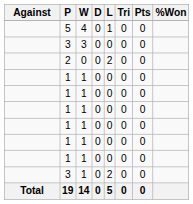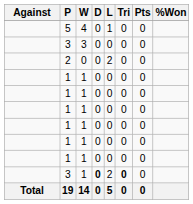 <table class="wikitable sortable"  style="text-align:center; font-size:100%">
 <tr>
 <th style="width:30%;">Against</th>
 <th abbr="Played" style="width:15px;">P</th>
 <th abbr="Won" style="width:10px;">W</th>
 <th abbr="Drawn" style="width:10px;">D</th>
 <th abbr="Lost" style="width:10px;">L</th>
 <th abbr="Tries" style="width:15px;">Tri</th>
 <th abbr="Points" style="width:18px;">Pts</th>
 <th abbr="Won" style="width:18px;">%Won</th>
 </tr>
 <tr bgcolor="#d0ffd0" align="center">
 </tr>
 <tr>
 <td align="left"></td>
 <td>5</td>
 <td>4</td>
 <td>0</td>
 <td>1</td>
 <td>0</td>
 <td>0</td>
 <td></td>
 </tr>
 <tr>
 <td align="left"></td>
 <td>3</td>
 <td>3</td>
 <td>0</td>
 <td>0</td>
 <td>0</td>
 <td>0</td>
 <td></td>
 </tr>
 <tr>
 <td align="left"></td>
 <td>2</td>
 <td>0</td>
 <td>0</td>
 <td>2</td>
 <td>0</td>
 <td>0</td>
 <td></td>
 </tr>
 <tr>
 <td align="left"></td>
 <td>1</td>
 <td>1</td>
 <td>0</td>
 <td>0</td>
 <td>0</td>
 <td>0</td>
 <td></td>
 </tr>
 <tr>
 <td align="left"></td>
 <td>1</td>
 <td>1</td>
 <td>0</td>
 <td>0</td>
 <td>0</td>
 <td>0</td>
 <td></td>
 </tr>
 <tr>
 <td align="left"></td>
 <td>1</td>
 <td>1</td>
 <td>0</td>
 <td>0</td>
 <td>0</td>
 <td>0</td>
 <td></td>
 </tr>
 <tr>
 <td align="left"></td>
 <td>1</td>
 <td>1</td>
 <td>0</td>
 <td>0</td>
 <td>0</td>
 <td>0</td>
 <td></td>
 </tr>
 <tr>
 <td align="left"></td>
 <td>1</td>
 <td>1</td>
 <td>0</td>
 <td>0</td>
 <td>0</td>
 <td>0</td>
 <td></td>
 </tr>
 <tr>
 <td align="left"></td>
 <td>1</td>
 <td>1</td>
 <td>0</td>
 <td>0</td>
 <td>0</td>
 <td>0</td>
 <td></td>
 </tr>
 <tr>
 <td align="left"></td>
 <td>3</td>
 <td>1</td>
-<td>0</td>
+<td><strong>0</strong></td>
 <td>2</td>
-<td>0</td>
+<td><strong>0</strong></td>
 <td>0</td>
 <td></td>
 </tr>
 <tr>
 <th>Total</th>
 <th>19</th>
 <th>14</th>
 <th>0</th>
 <th>5</th>
 <th>0</th>
 <th>0</th>
 <th></th>
 </tr>
 </table>
